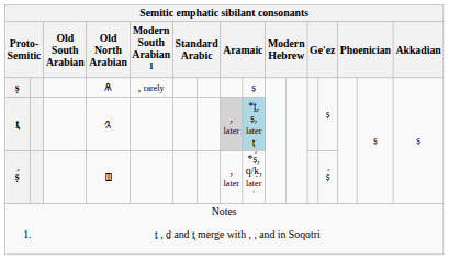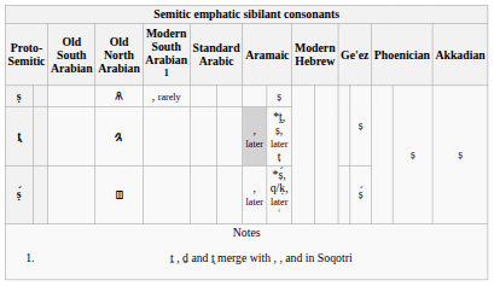 <table class="wikitable" style="text-align:center;">
 <tr>
 <th colspan="16">Semitic emphatic sibilant consonants</th>
 </tr>
 <tr>
 <th colspan="2">Proto-Semitic</th>
 <th>Old South<br>Arabian</th>
 <th>Old North<br>Arabian</th>
 <th>Modern South<br>Arabian <sup>1</sup></th>
 <th colspan="2">Standard<br>Arabic</th>
 <th colspan="2">Aramaic</th>
 <th colspan="2">Modern<br>Hebrew</th>
 <th colspan="2">Ge'ez</th>
 <th colspan="2">Phoenician</th>
 <th>Akkadian</th>
 </tr>
 <tr>
 <th>ṣ</th>
 <th></th>
 <td></td>
 <td>𐪎</td>
 <td>, <small>rarely</small> </td>
 <td><big></big></td>
 <td></td>
 <td></td>
 <td>ṣ</td>
 <td rowspan="3"></td>
 <td rowspan="3"></td>
 <td rowspan="2"></td>
 <td rowspan="2">ṣ</td>
 <td rowspan="3"></td>
 <td rowspan="3">ṣ</td>
 <td rowspan="3">ṣ</td>
 </tr>
 <tr>
 <th>ṯ̣</th>
 <th></th>
 <td></td>
-<td>𐪜</td>
+<td><strong>𐪜</strong></td>
 <td></td>
 <td><big></big></td>
 <td></td>
 <td style="background: lightgrey;">, <small>later</small> </td>
-<td style="background: lightblue;">*ṱ, ṣ,<br><small>later</small> ṭ</td>
+<td>*ṱ, ṣ,<br><small>later</small> ṭ</td>
 </tr>
 <tr>
 <th>ṣ́</th>
 <th></th>
 <td></td>
 <td>𐪓</td>
 <td></td>
 <td><big></big></td>
 <td></td>
 <td>, <small>later</small> </td>
 <td>*ṣ́, q/ḳ,<br><small>later</small> ʿ</td>
 <td></td>
 <td>ṣ́</td>
 </tr>
 <tr>
 <td colspan="16">Notes<br><ol><li>ṯ , ḏ  and ṯ̣  merge with , , and  in Soqotri</li></ol></td>
 </tr>
 </table>
